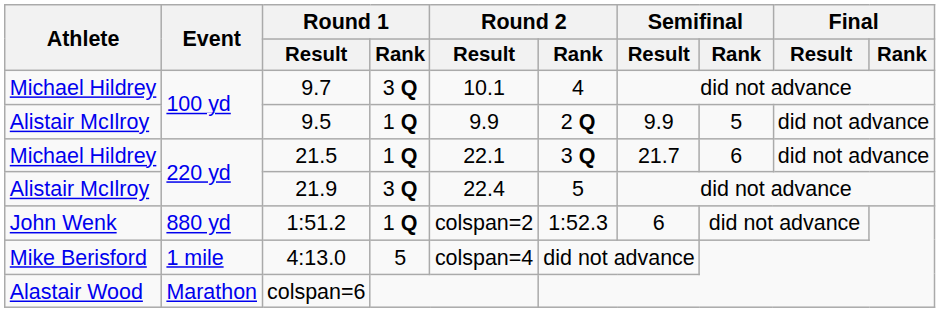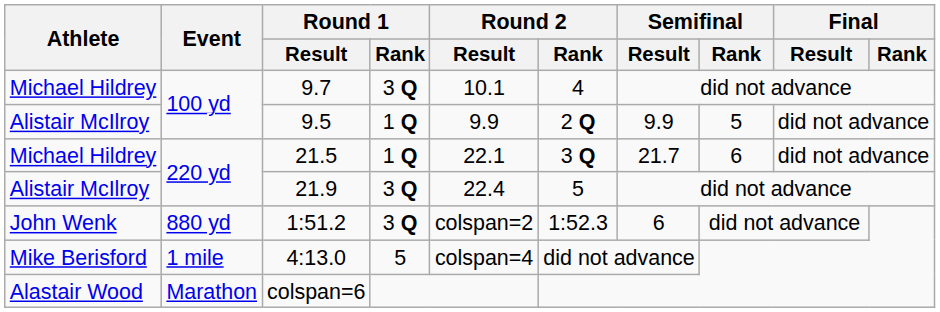 <table class=wikitable style=font-size:90%>
 <tr>
 <th rowspan=2>Athlete</th>
 <th rowspan=2>Event</th>
 <th colspan=2>Round 1</th>
 <th colspan=2>Round 2</th>
 <th colspan=2>Semifinal</th>
 <th colspan=2>Final</th>
 </tr>
 <tr style=font-size:95%>
 <th>Result</th>
 <th>Rank</th>
 <th>Result</th>
 <th>Rank</th>
 <th>Result</th>
 <th>Rank</th>
 <th>Result</th>
 <th>Rank</th>
 </tr>
 <tr align=center>
 <td align=left><a href='#'>Michael Hildrey</a></td>
 <td align=left rowspan=2><a href='#'>100 yd</a></td>
 <td>9.7</td>
 <td>3 <strong>Q</strong></td>
 <td>10.1</td>
 <td>4</td>
 <td colspan=4>did not advance</td>
 </tr>
 <tr align=center>
 <td align=left><a href='#'>Alistair McIlroy</a></td>
 <td>9.5</td>
 <td>1 <strong>Q</strong></td>
 <td>9.9</td>
 <td>2 <strong>Q</strong></td>
 <td>9.9</td>
 <td>5</td>
 <td colspan=2>did not advance</td>
 </tr>
 <tr align=center>
 <td align=left><a href='#'>Michael Hildrey</a></td>
 <td align=left rowspan=2><a href='#'>220 yd</a></td>
 <td>21.5</td>
 <td>1 <strong>Q</strong></td>
 <td>22.1</td>
 <td>3 <strong>Q</strong></td>
 <td>21.7</td>
 <td>6</td>
 <td colspan=2>did not advance</td>
 </tr>
 <tr align=center>
 <td align=left><a href='#'>Alistair McIlroy</a></td>
 <td>21.9</td>
 <td>3 <strong>Q</strong></td>
 <td>22.4</td>
 <td>5</td>
 <td colspan=4>did not advance</td>
 </tr>
 <tr align=center>
 <td align=left><a href='#'>John Wenk</a></td>
 <td align=left><a href='#'>880 yd</a></td>
 <td>1:51.2</td>
-<td>1 <strong>Q</strong></td>
+<td>3 <strong>Q</strong></td>
 <td>colspan=2 </td>
 <td>1:52.3</td>
 <td>6</td>
 <td colspan=2>did not advance</td>
 </tr>
 <tr align=center>
 <td align=left><a href='#'>Mike Berisford</a></td>
 <td align=left><a href='#'>1 mile</a></td>
 <td>4:13.0</td>
 <td>5</td>
 <td>colspan=4 </td>
 <td colspan=2>did not advance</td>
 </tr>
 <tr align=center>
 <td align=left><a href='#'>Alastair Wood</a></td>
 <td align=left><a href='#'>Marathon</a></td>
 <td>colspan=6 </td>
 <td colspan=2></td>
 </tr>
 </table>
